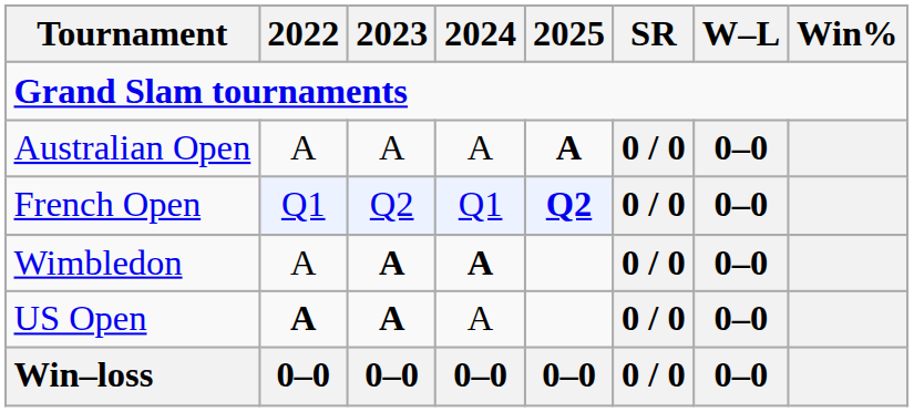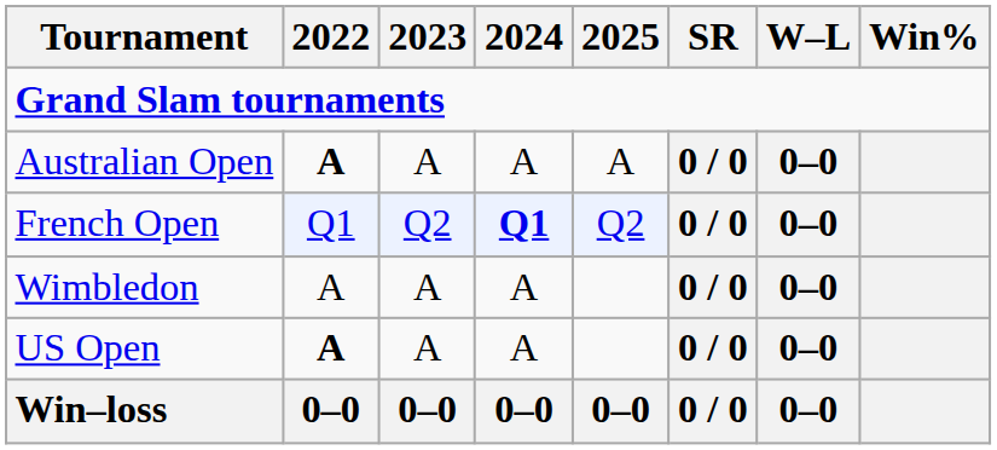 <table class=wikitable style=text-align:center>
 <tr>
 <th>Tournament</th>
 <th>2022</th>
 <th>2023</th>
 <th>2024</th>
 <th>2025</th>
 <th>SR</th>
 <th>W–L</th>
 <th>Win%</th>
 </tr>
 <tr>
 <td colspan="11" style="text-align:left"><a href='#'><strong>Grand Slam tournaments</strong></a></td>
 </tr>
 <tr>
 <td align=left><a href='#'>Australian Open</a></td>
+<td><strong>A</strong></td>
 <td>A</td>
 <td>A</td>
 <td>A</td>
-<td><strong>A</strong></td>
 <th>0 / 0</th>
 <th>0–0</th>
 <th></th>
 </tr>
 <tr>
 <td align=left><a href='#'>French Open</a></td>
 <td bgcolor=ecf2ff><a href='#'>Q1</a></td>
 <td bgcolor=ecf2ff><a href='#'>Q2</a></td>
-<td bgcolor=ecf2ff><a href='#'>Q1</a></td>
-<td bgcolor=ecf2ff><strong><a href='#'>Q2</a></strong></td>
+<td bgcolor=ecf2ff><strong><a href='#'>Q1</a></strong></td>
+<td bgcolor=ecf2ff><a href='#'>Q2</a></td>
 <th>0 / 0</th>
 <th>0–0</th>
 <th></th>
 </tr>
 <tr>
 <td align=left><a href='#'>Wimbledon</a></td>
 <td>A</td>
-<td><strong>A</strong></td>
-<td><strong>A</strong></td>
+<td>A</td>
+<td>A</td>
 <td></td>
 <th>0 / 0</th>
 <th>0–0</th>
 <th></th>
 </tr>
 <tr>
 <td align=left><a href='#'>US Open</a></td>
 <td><strong>A</strong></td>
-<td><strong>A</strong></td>
+<td>A</td>
 <td>A</td>
 <td></td>
 <th>0 / 0</th>
 <th>0–0</th>
 <th></th>
 </tr>
 <tr>
 <th style=text-align:left><strong>Win–loss</strong></th>
 <th>0–0</th>
 <th>0–0</th>
 <th>0–0</th>
 <th>0–0</th>
 <th>0 / 0</th>
 <th>0–0</th>
 <th></th>
 </tr>
 </table>
